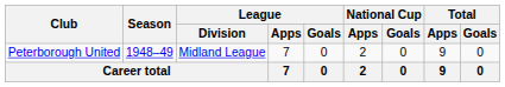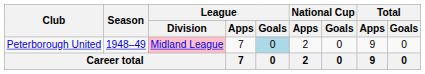 <table class="wikitable" style="text-align:center">
 <tr>
 <th rowspan="2">Club</th>
 <th rowspan="2">Season</th>
 <th colspan="3">League</th>
 <th colspan="2">National Cup</th>
 <th colspan="2">Total</th>
 </tr>
 <tr>
 <th>Division</th>
 <th>Apps</th>
 <th>Goals</th>
 <th>Apps</th>
 <th>Goals</th>
 <th>Apps</th>
 <th>Goals</th>
 </tr>
 <tr>
 <td><a href='#'>Peterborough United</a></td>
 <td><a href='#'>1948–49</a></td>
-<td><a href='#'>Midland League</a></td>
+<td style="background: pink;"><a href='#'>Midland League</a></td>
 <td>7</td>
-<td>0</td>
+<td style="background: lightblue;">0</td>
 <td>2</td>
 <td>0</td>
 <td>9</td>
 <td>0</td>
 </tr>
 <tr>
 <th colspan="3">Career total</th>
 <th>7</th>
 <th>0</th>
 <th>2</th>
 <th>0</th>
 <th>9</th>
 <th>0</th>
 </tr>
 </table>
